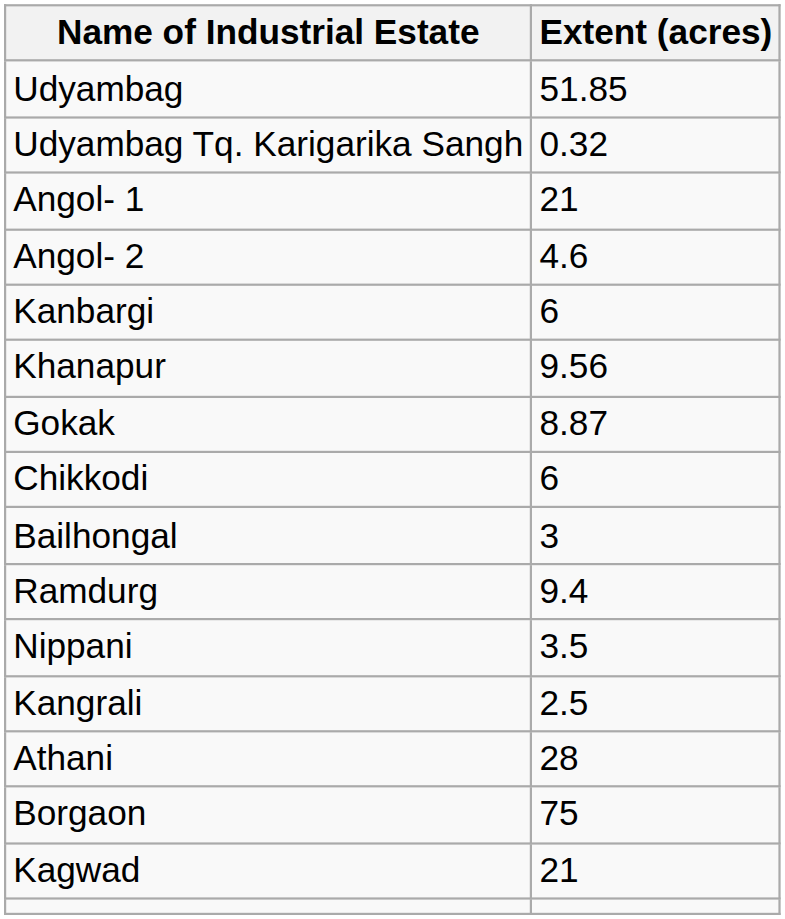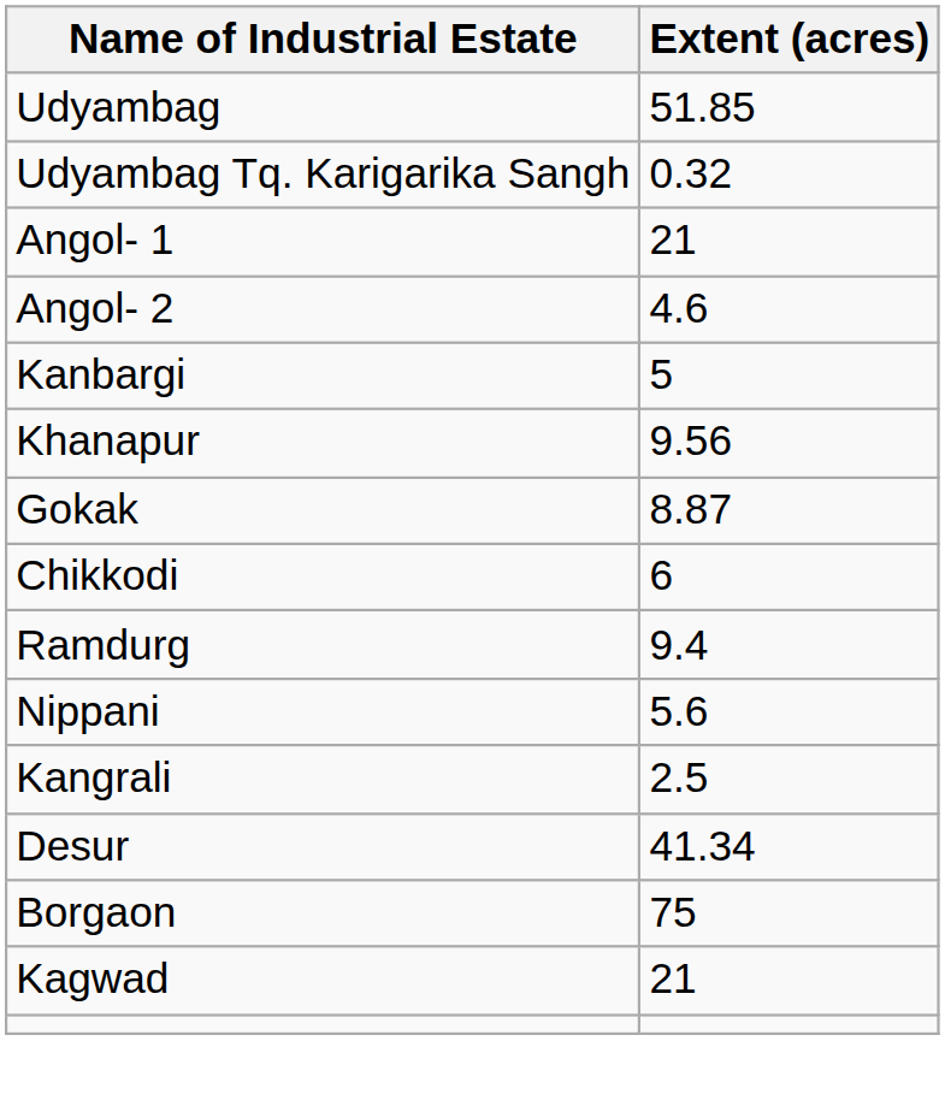 <table class="wikitable"  style="display: inline-table;">
 <tr>
 <th>Name of Industrial Estate</th>
 <th>Extent (acres)</th>
 </tr>
 <tr>
 <td>Udyambag</td>
 <td>51.85</td>
 </tr>
 <tr>
 <td>Udyambag Tq. Karigarika Sangh</td>
 <td>0.32</td>
 </tr>
 <tr>
 <td>Angol- 1</td>
 <td>21</td>
 </tr>
 <tr>
 <td>Angol- 2</td>
 <td>4.6</td>
 </tr>
 <tr>
 <td>Kanbargi</td>
-<td>6</td>
+<td>5</td>
 </tr>
 <tr>
 <td>Khanapur</td>
 <td>9.56</td>
 </tr>
 <tr>
 <td>Gokak</td>
 <td>8.87</td>
 </tr>
 <tr>
 <td>Chikkodi</td>
 <td>6</td>
 </tr>
 <tr>
-<td>Bailhongal</td>
-<td>3</td>
-</tr>
-<tr>
 <td>Ramdurg</td>
 <td>9.4</td>
 </tr>
 <tr>
 <td>Nippani</td>
-<td>3.5</td>
+<td>5.6</td>
 </tr>
 <tr>
 <td>Kangrali</td>
 <td>2.5</td>
 </tr>
 <tr>
-<td>Athani</td>
-<td>28</td>
+<td>Desur</td>
+<td>41.34</td>
 </tr>
 <tr>
 <td>Borgaon</td>
 <td>75</td>
 </tr>
 <tr>
 <td>Kagwad</td>
 <td>21</td>
 </tr>
 <tr>
 <td></td>
 <td></td>
 </tr>
 </table>
